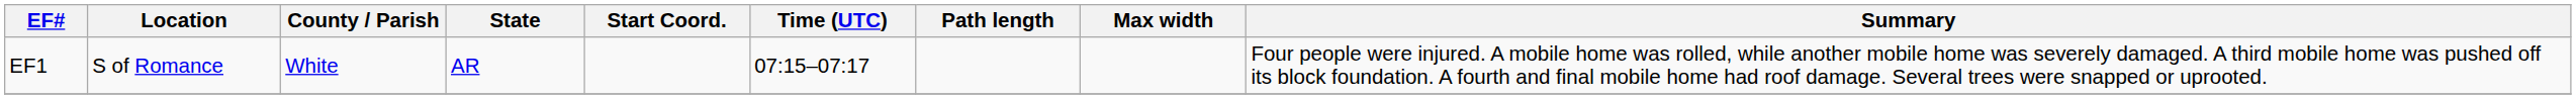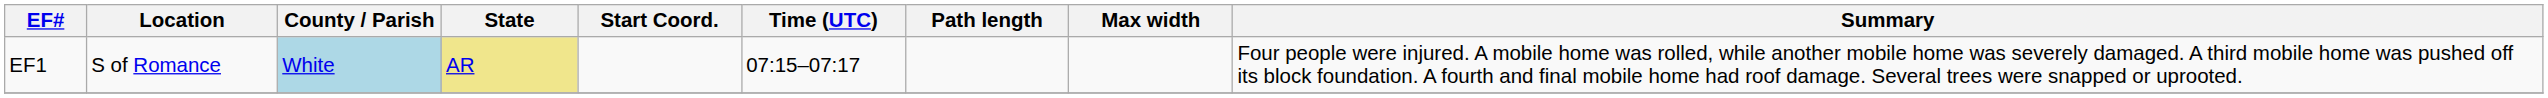 <table class="wikitable sortable" style="width:100%;">
 <tr>
 <th scope="col"  style="width:3%; text-align:center;"><a href='#'>EF#</a></th>
 <th scope="col"  style="width:7%; text-align:center;" class="unsortable">Location</th>
 <th scope="col"  style="width:6%; text-align:center;" class="unsortable">County / Parish</th>
 <th scope="col"  style="width:5%; text-align:center;">State</th>
 <th scope="col"  style="width:6%; text-align:center;">Start Coord.</th>
 <th scope="col"  style="width:6%; text-align:center;">Time (<a href='#'>UTC</a>)</th>
 <th scope="col"  style="width:6%; text-align:center;">Path length</th>
 <th scope="col"  style="width:6%; text-align:center;">Max width</th>
 <th scope="col" class="unsortable" style="width:48%; text-align:center;">Summary</th>
 </tr>
 <tr>
 <td>EF1</td>
 <td>S of <a href='#'>Romance</a></td>
-<td><a href='#'>White</a></td>
-<td><a href='#'>AR</a></td>
+<td style="background: lightblue;"><a href='#'>White</a></td>
+<td style="background: khaki;"><a href='#'>AR</a></td>
 <td></td>
 <td>07:15–07:17</td>
 <td></td>
 <td></td>
 <td>Four people were injured. A mobile home was rolled, while another mobile home was severely damaged. A third mobile home was pushed off its block foundation. A fourth and final mobile home had roof damage. Several trees were snapped or uprooted.</td>
 </tr>
 <tr>
 </tr>
 </table>
